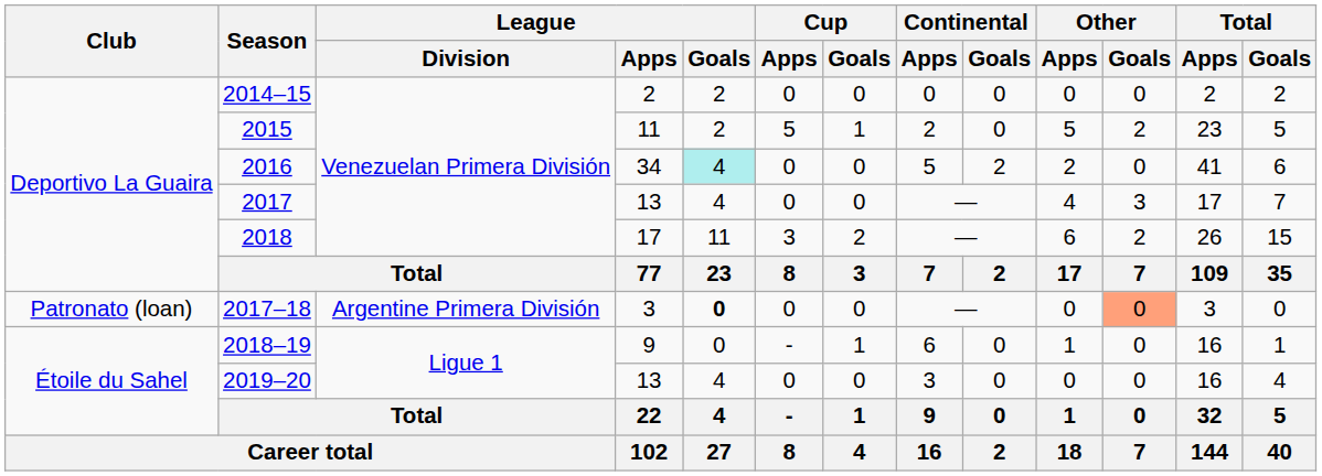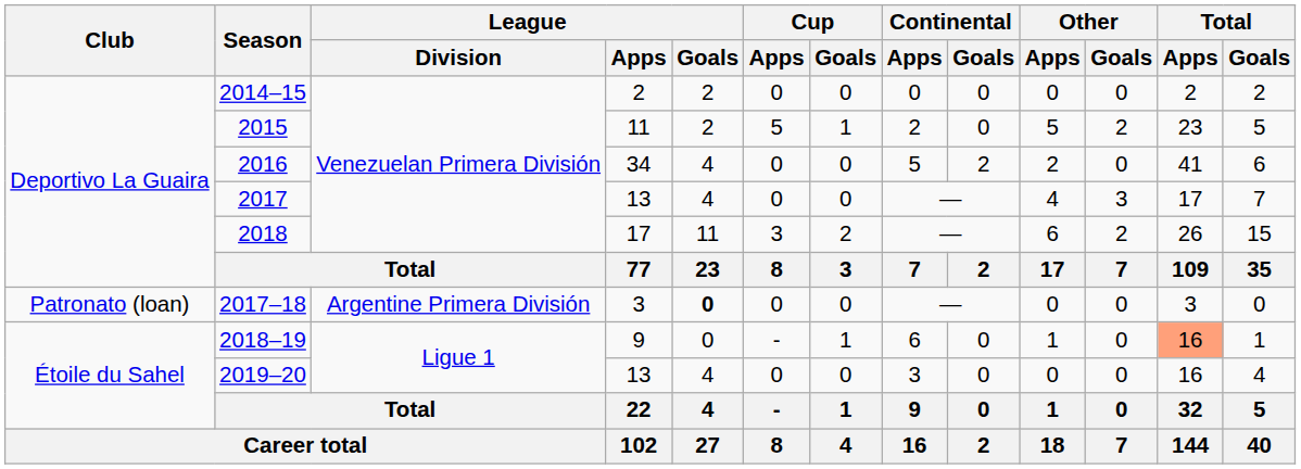 <table class="wikitable" style="text-align:center">
 <tr>
 <th rowspan="2">Club</th>
 <th rowspan="2">Season</th>
 <th colspan="3">League</th>
 <th colspan="2">Cup</th>
 <th colspan="2">Continental</th>
 <th colspan="2">Other</th>
 <th colspan="2">Total</th>
 </tr>
 <tr>
 <th>Division</th>
 <th>Apps</th>
 <th>Goals</th>
 <th>Apps</th>
 <th>Goals</th>
 <th>Apps</th>
 <th>Goals</th>
 <th>Apps</th>
 <th>Goals</th>
 <th>Apps</th>
 <th>Goals</th>
 </tr>
 <tr>
 <td rowspan="6"><a href='#'>Deportivo La Guaira</a></td>
 <td><a href='#'>2014–15</a></td>
 <td rowspan="5"><a href='#'>Venezuelan Primera División</a></td>
 <td>2</td>
 <td>2</td>
 <td>0</td>
 <td>0</td>
 <td>0</td>
 <td>0</td>
 <td>0</td>
 <td>0</td>
 <td>2</td>
 <td>2</td>
 </tr>
 <tr>
 <td><a href='#'>2015</a></td>
 <td>11</td>
 <td>2</td>
 <td>5</td>
 <td>1</td>
 <td>2</td>
 <td>0</td>
 <td>5</td>
 <td>2</td>
 <td>23</td>
 <td>5</td>
 </tr>
 <tr>
 <td><a href='#'>2016</a></td>
 <td>34</td>
-<td style="background: paleturquoise;">4</td>
+<td>4</td>
 <td>0</td>
 <td>0</td>
 <td>5</td>
 <td>2</td>
 <td>2</td>
 <td>0</td>
 <td>41</td>
 <td>6</td>
 </tr>
 <tr>
 <td><a href='#'>2017</a></td>
 <td>13</td>
 <td>4</td>
 <td>0</td>
 <td>0</td>
 <td colspan="2">—</td>
 <td>4</td>
 <td>3</td>
 <td>17</td>
 <td>7</td>
 </tr>
 <tr>
 <td><a href='#'>2018</a></td>
 <td>17</td>
 <td>11</td>
 <td>3</td>
 <td>2</td>
 <td colspan="2">—</td>
 <td>6</td>
 <td>2</td>
 <td>26</td>
 <td>15</td>
 </tr>
 <tr>
 <th colspan="2">Total</th>
 <th>77</th>
 <th>23</th>
 <th>8</th>
 <th>3</th>
 <th>7</th>
 <th>2</th>
 <th>17</th>
 <th>7</th>
 <th>109</th>
 <th>35</th>
 </tr>
 <tr>
 <td rowspan="1"><a href='#'>Patronato</a> (loan)</td>
 <td><a href='#'>2017–18</a></td>
 <td rowspan="1"><a href='#'>Argentine Primera División</a></td>
 <td>3</td>
 <td><strong>0</strong></td>
 <td>0</td>
 <td>0</td>
 <td colspan="2">—</td>
 <td>0</td>
-<td style="background: lightsalmon;">0</td>
+<td>0</td>
 <td>3</td>
 <td>0</td>
 </tr>
 <tr>
 <td rowspan="3"><a href='#'>Étoile du Sahel</a></td>
 <td><a href='#'>2018–19</a></td>
 <td rowspan="2"><a href='#'>Ligue 1</a></td>
 <td>9</td>
 <td>0</td>
 <td>-</td>
 <td>1</td>
 <td>6</td>
 <td>0</td>
 <td>1</td>
 <td>0</td>
-<td>16</td>
+<td style="background: lightsalmon;">16</td>
 <td>1</td>
 </tr>
 <tr>
 <td><a href='#'>2019–20</a></td>
 <td>13</td>
 <td>4</td>
 <td>0</td>
 <td>0</td>
 <td>3</td>
 <td>0</td>
 <td>0</td>
 <td>0</td>
 <td>16</td>
 <td>4</td>
 </tr>
 <tr>
 <th colspan="2">Total</th>
 <th>22</th>
 <th>4</th>
 <th>-</th>
 <th>1</th>
 <th>9</th>
 <th>0</th>
 <th>1</th>
 <th>0</th>
 <th>32</th>
 <th>5</th>
 </tr>
 <tr>
 <th colspan="3">Career total</th>
 <th>102</th>
 <th>27</th>
 <th>8</th>
 <th>4</th>
 <th>16</th>
 <th>2</th>
 <th>18</th>
 <th>7</th>
 <th>144</th>
 <th>40</th>
 </tr>
 </table>
